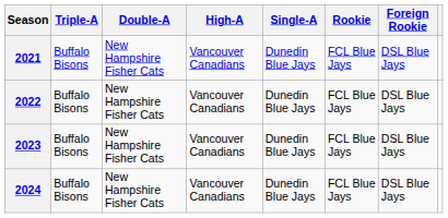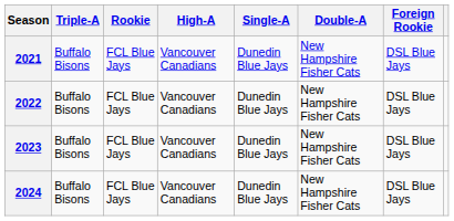 <table class="wikitable plainrowheaders">
 <tr>
 <th scope="col">Season</th>
 <th scope="col"><a href='#'><span>Triple-A</span></a></th>
-<th scope="col"><a href='#'><span>Double-A</span></a></th>
+<th scope="col"><a href='#'><span>Rookie</span></a></th>
 <th scope="col"><a href='#'><span>High-A</span></a></th>
 <th scope="col"><a href='#'><span>Single-A</span></a></th>
-<th scope="col"><a href='#'><span>Rookie</span></a></th>
+<th scope="col"><a href='#'><span>Double-A</span></a></th>
 <th scope="col"><a href='#'><span>Foreign Rookie</span></a></th>
 <th scope="col"></th>
 </tr>
 <tr>
 <th scope="row" style="text-align:center"><a href='#'>2021</a></th>
 <td><a href='#'>Buffalo Bisons</a></td>
-<td><a href='#'>New Hampshire Fisher Cats</a></td>
+<td><a href='#'>FCL Blue Jays</a></td>
 <td><a href='#'>Vancouver Canadians</a></td>
 <td><a href='#'>Dunedin Blue Jays</a></td>
-<td><a href='#'>FCL Blue Jays</a></td>
+<td><a href='#'>New Hampshire Fisher Cats</a></td>
 <td><a href='#'>DSL Blue Jays</a></td>
 <td align="center"></td>
 </tr>
 <tr>
 <th scope="row" style="text-align:center"><a href='#'>2022</a></th>
 <td>Buffalo Bisons</td>
-<td>New Hampshire Fisher Cats</td>
+<td>FCL Blue Jays</td>
 <td>Vancouver Canadians</td>
 <td>Dunedin Blue Jays</td>
-<td>FCL Blue Jays</td>
+<td>New Hampshire Fisher Cats</td>
 <td>DSL Blue Jays</td>
 <td align="center"></td>
 </tr>
 <tr>
 <th scope="row" style="text-align:center"><a href='#'>2023</a></th>
 <td>Buffalo Bisons</td>
-<td>New Hampshire Fisher Cats</td>
+<td>FCL Blue Jays</td>
 <td>Vancouver Canadians</td>
 <td>Dunedin Blue Jays</td>
-<td>FCL Blue Jays</td>
+<td>New Hampshire Fisher Cats</td>
 <td>DSL Blue Jays</td>
 <td align="center"></td>
 </tr>
 <tr>
 <th scope="row" style="text-align:center"><a href='#'>2024</a></th>
 <td>Buffalo Bisons</td>
-<td>New Hampshire Fisher Cats</td>
+<td>FCL Blue Jays</td>
 <td>Vancouver Canadians</td>
 <td>Dunedin Blue Jays</td>
-<td>FCL Blue Jays</td>
+<td>New Hampshire Fisher Cats</td>
 <td>DSL Blue Jays</td>
 <td align="center"></td>
 </tr>
 </table>
